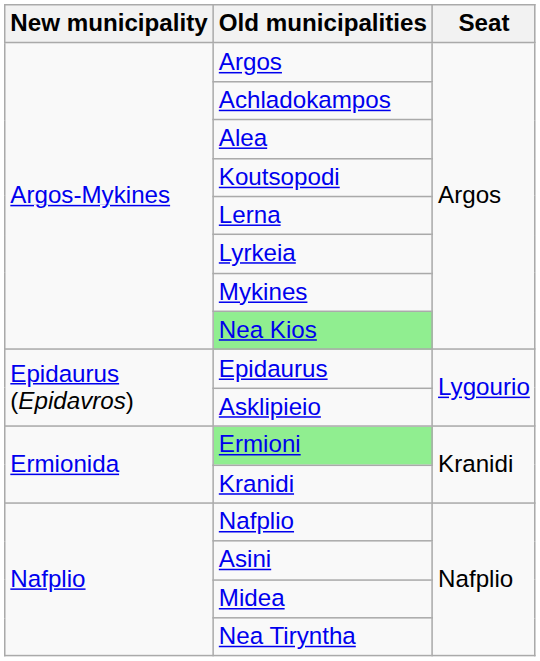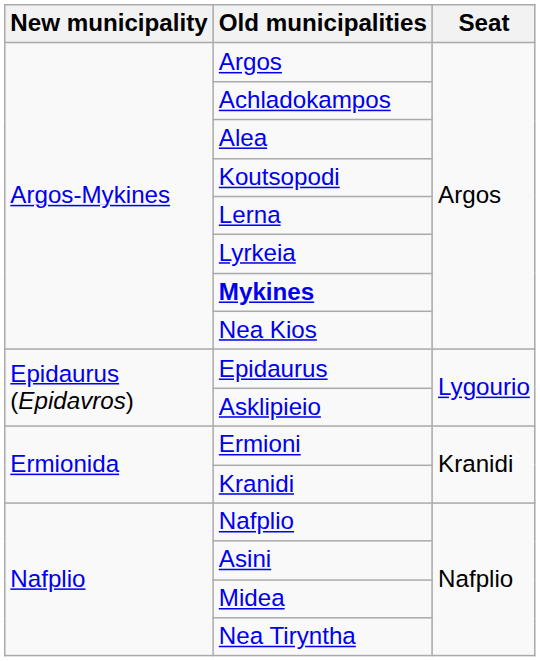 <table class="wikitable">
 <tr>
 <th>New municipality</th>
 <th>Old municipalities</th>
 <th>Seat</th>
 </tr>
 <tr>
 <td rowspan=8><a href='#'>Argos-Mykines</a></td>
 <td><a href='#'>Argos</a></td>
 <td rowspan=8>Argos</td>
 </tr>
 <tr>
 <td><a href='#'>Achladokampos</a></td>
 </tr>
 <tr>
 <td><a href='#'>Alea</a></td>
 </tr>
 <tr>
 <td><a href='#'>Koutsopodi</a></td>
 </tr>
 <tr>
 <td><a href='#'>Lerna</a></td>
 </tr>
 <tr>
 <td><a href='#'>Lyrkeia</a></td>
 </tr>
 <tr>
-<td><a href='#'>Mykines</a></td>
+<td><strong><a href='#'>Mykines</a></strong></td>
 </tr>
 <tr>
-<td style="background: lightgreen;"><a href='#'>Nea Kios</a></td>
+<td><a href='#'>Nea Kios</a></td>
 </tr>
 <tr>
 <td rowspan=2><a href='#'>Epidaurus</a> <br>(<em>Epidavros</em>)</td>
 <td><a href='#'>Epidaurus</a></td>
 <td rowspan=2><a href='#'>Lygourio</a></td>
 </tr>
 <tr>
 <td><a href='#'>Asklipieio</a></td>
 </tr>
 <tr>
 <td rowspan=2><a href='#'>Ermionida</a></td>
-<td style="background: lightgreen;"><a href='#'>Ermioni</a></td>
+<td><a href='#'>Ermioni</a></td>
 <td rowspan=2>Kranidi</td>
 </tr>
 <tr>
 <td><a href='#'>Kranidi</a></td>
 </tr>
 <tr>
 <td rowspan=4><a href='#'>Nafplio</a></td>
 <td><a href='#'>Nafplio</a></td>
 <td rowspan=4>Nafplio</td>
 </tr>
 <tr>
 <td><a href='#'>Asini</a></td>
 </tr>
 <tr>
 <td><a href='#'>Midea</a></td>
 </tr>
 <tr>
 <td><a href='#'>Nea Tiryntha</a></td>
 </tr>
 </table>
